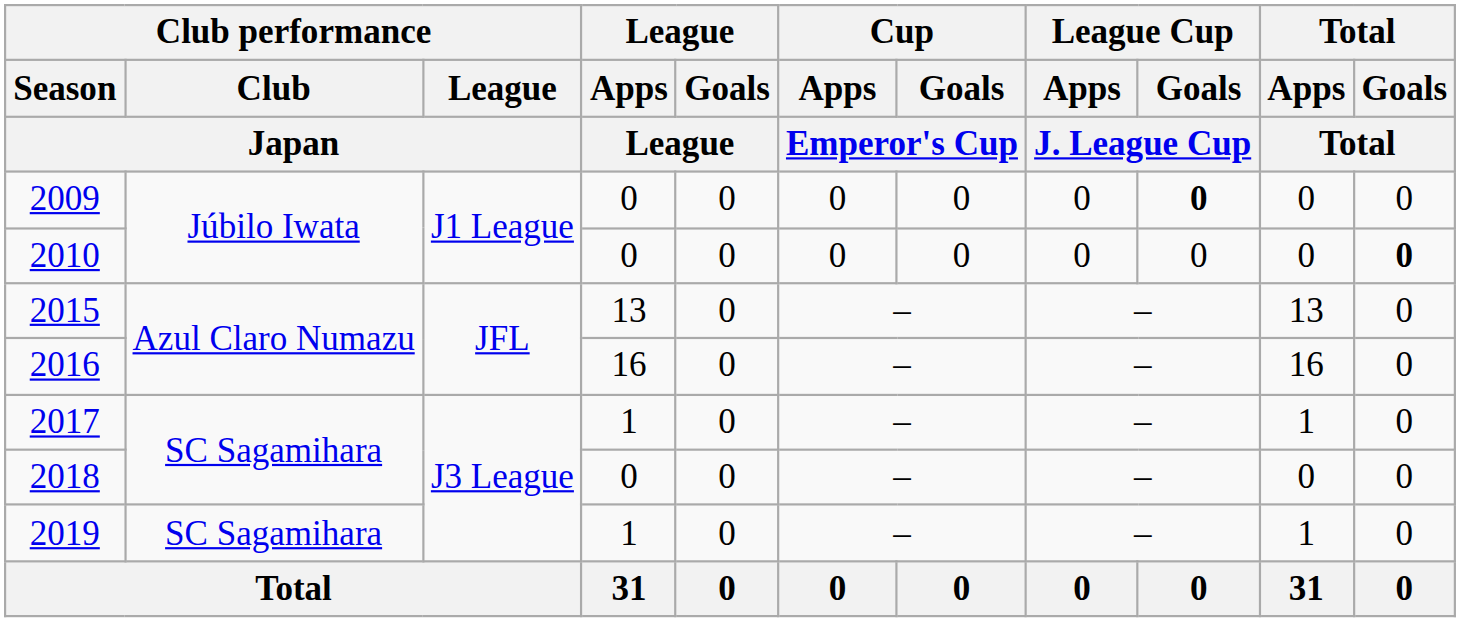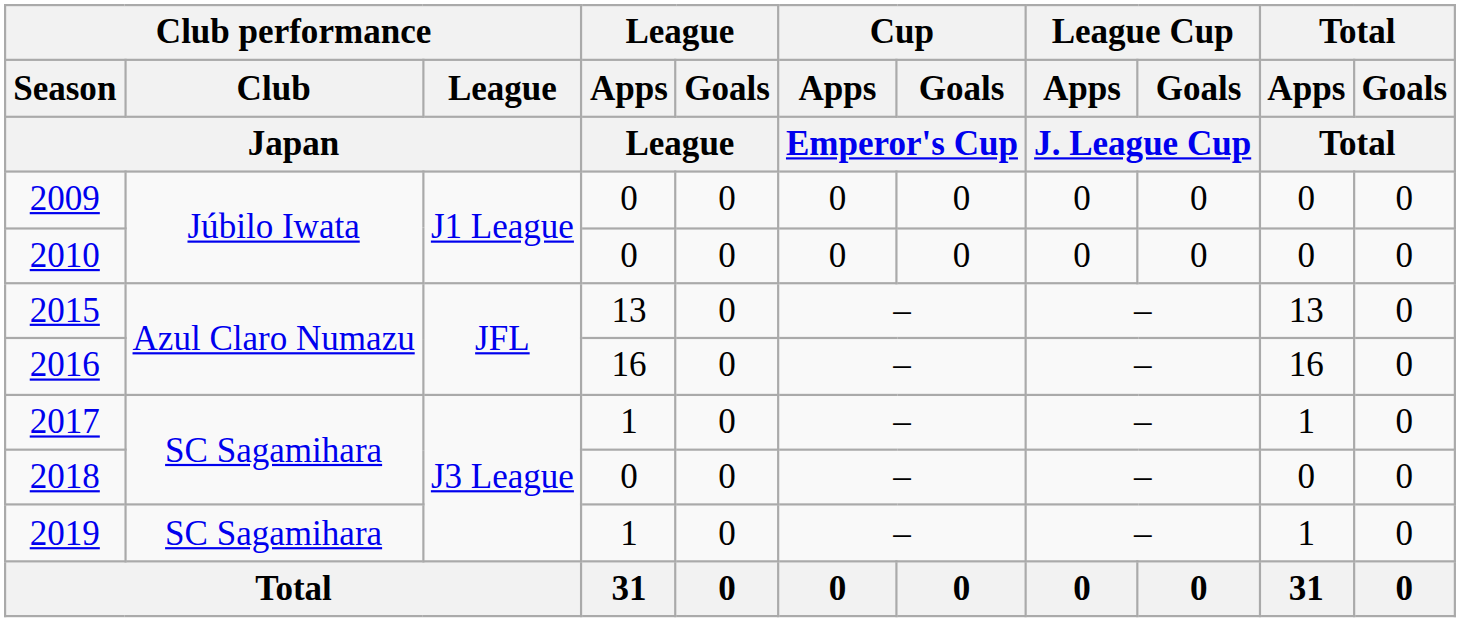 <table class="wikitable" style="text-align:center;">
 <tr>
 <th colspan=3>Club performance</th>
 <th colspan=2>League</th>
 <th colspan=2>Cup</th>
 <th colspan=2>League Cup</th>
 <th colspan=2>Total</th>
 </tr>
 <tr>
 <th>Season</th>
 <th>Club</th>
 <th>League</th>
 <th>Apps</th>
 <th>Goals</th>
 <th>Apps</th>
 <th>Goals</th>
 <th>Apps</th>
 <th>Goals</th>
 <th>Apps</th>
 <th>Goals</th>
 </tr>
 <tr>
 <th colspan=3>Japan</th>
 <th colspan=2>League</th>
 <th colspan=2><a href='#'>Emperor's Cup</a></th>
 <th colspan=2><a href='#'>J. League Cup</a></th>
 <th colspan=2>Total</th>
 </tr>
 <tr>
 <td><a href='#'>2009</a></td>
 <td rowspan="2"><a href='#'>Júbilo Iwata</a></td>
 <td rowspan="2"><a href='#'>J1 League</a></td>
 <td>0</td>
 <td>0</td>
 <td>0</td>
 <td>0</td>
 <td>0</td>
-<td><strong>0</strong></td>
+<td>0</td>
 <td>0</td>
 <td>0</td>
 </tr>
 <tr>
 <td><a href='#'>2010</a></td>
 <td>0</td>
 <td>0</td>
 <td>0</td>
 <td>0</td>
 <td>0</td>
 <td>0</td>
 <td>0</td>
-<td><strong>0</strong></td>
+<td>0</td>
 </tr>
 <tr>
 <td><a href='#'>2015</a></td>
 <td rowspan="2"><a href='#'>Azul Claro Numazu</a></td>
 <td rowspan="2"><a href='#'>JFL</a></td>
 <td>13</td>
 <td>0</td>
 <td colspan="2">–</td>
 <td colspan="2">–</td>
 <td>13</td>
 <td>0</td>
 </tr>
 <tr>
 <td><a href='#'>2016</a></td>
 <td>16</td>
 <td>0</td>
 <td colspan="2">–</td>
 <td colspan="2">–</td>
 <td>16</td>
 <td>0</td>
 </tr>
 <tr>
 <td><a href='#'>2017</a></td>
 <td rowspan="2"><a href='#'>SC Sagamihara</a></td>
 <td rowspan="3"><a href='#'>J3 League</a></td>
 <td>1</td>
 <td>0</td>
 <td colspan="2">–</td>
 <td colspan="2">–</td>
 <td>1</td>
 <td>0</td>
 </tr>
 <tr>
 <td><a href='#'>2018</a></td>
 <td>0</td>
 <td>0</td>
 <td colspan="2">–</td>
 <td colspan="2">–</td>
 <td>0</td>
 <td>0</td>
 </tr>
 <tr>
 <td><a href='#'>2019</a></td>
 <td rowspan="1"><a href='#'>SC Sagamihara</a></td>
 <td>1</td>
 <td>0</td>
 <td colspan="2">–</td>
 <td colspan="2">–</td>
 <td>1</td>
 <td>0</td>
 </tr>
 <tr>
 <th colspan=3>Total</th>
 <th>31</th>
 <th>0</th>
 <th>0</th>
 <th>0</th>
 <th>0</th>
 <th>0</th>
 <th>31</th>
 <th>0</th>
 </tr>
 </table>
